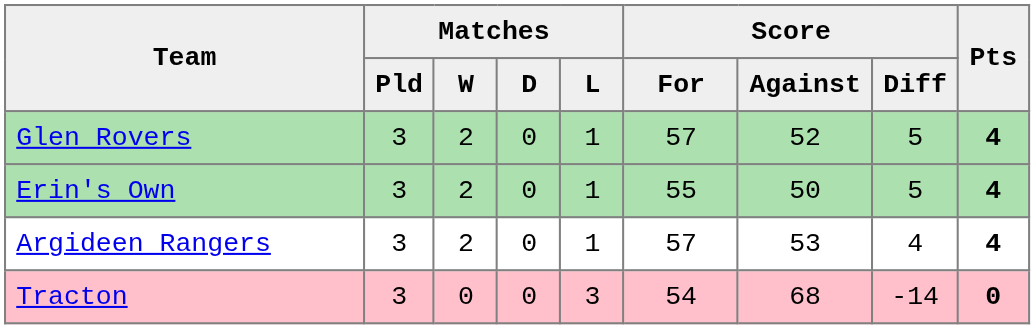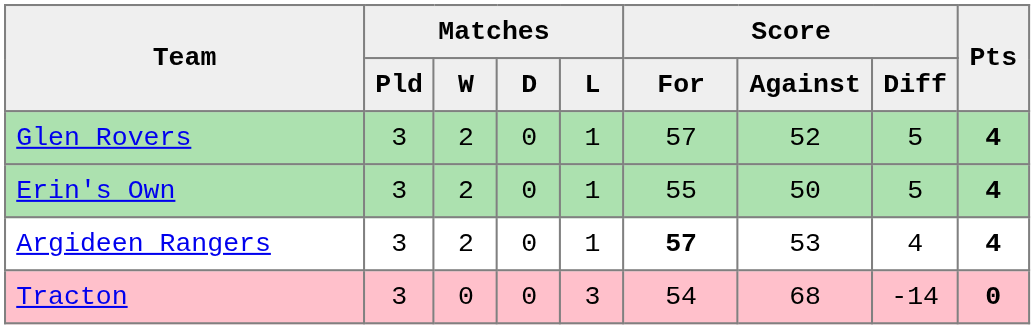 <table style=border-collapse:collapse border=1 cellspacing=0 cellpadding=5>
 <tr align=center bgcolor=#efefef>
 <th rowspan=2 width=165>Team</th>
 <th colspan=4>Matches</th>
 <th colspan=3>Score</th>
 <th rowspan=2width=20>Pts</th>
 </tr>
 <tr align=center bgcolor=#efefef>
 <th width=20>Pld</th>
 <th width=20>W</th>
 <th width=20>D</th>
 <th width=20>L</th>
 <th width=45>For</th>
 <th width=45>Against</th>
 <th width=30>Diff</th>
 </tr>
 <tr align=center style="background:#ACE1AF;">
 <td style="text-align:left;"><a href='#'>Glen Rovers</a></td>
 <td>3</td>
 <td>2</td>
 <td>0</td>
 <td>1</td>
 <td>57</td>
 <td>52</td>
 <td>5</td>
 <td><strong>4</strong></td>
 </tr>
 <tr align=center  style="background:#ACE1AF;">
 <td style="text-align:left;"><a href='#'>Erin's Own</a></td>
 <td>3</td>
 <td>2</td>
 <td>0</td>
 <td>1</td>
 <td>55</td>
 <td>50</td>
 <td>5</td>
 <td><strong>4</strong></td>
 </tr>
 <tr align=center>
 <td style="text-align:left;"><a href='#'>Argideen Rangers</a></td>
 <td>3</td>
 <td>2</td>
 <td>0</td>
 <td>1</td>
-<td>57</td>
+<td><strong>57</strong></td>
 <td>53</td>
 <td>4</td>
 <td><strong>4</strong></td>
 </tr>
 <tr align=center style="background:#FFC0CB;">
 <td style="text-align:left;"><a href='#'>Tracton</a></td>
 <td>3</td>
 <td>0</td>
 <td>0</td>
 <td>3</td>
 <td>54</td>
 <td>68</td>
 <td>-14</td>
 <td><strong>0</strong></td>
 </tr>
 </table>
